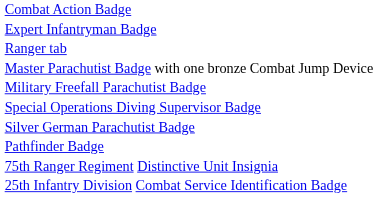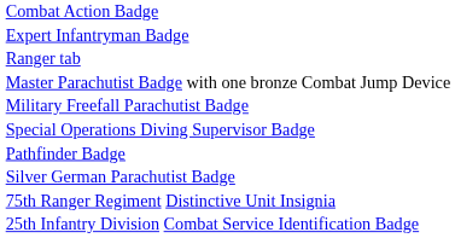 <table>
 <tr>
 <td> <a href='#'>Combat Action Badge</a></td>
 </tr>
 <tr>
 <td> <a href='#'>Expert Infantryman Badge</a></td>
 </tr>
 <tr>
 <td> <a href='#'>Ranger tab</a></td>
 </tr>
 <tr>
 <td> <a href='#'>Master Parachutist Badge</a> with one bronze Combat Jump Device</td>
 </tr>
 <tr>
 <td> <a href='#'>Military Freefall Parachutist Badge</a></td>
 </tr>
 <tr>
 <td> <a href='#'>Special Operations Diving Supervisor Badge</a></td>
 </tr>
 <tr>
-<td> <a href='#'>Silver German Parachutist Badge</a></td>
+<td> <a href='#'>Pathfinder Badge</a></td>
 </tr>
 <tr>
-<td> <a href='#'>Pathfinder Badge</a></td>
+<td> <a href='#'>Silver German Parachutist Badge</a></td>
 </tr>
 <tr>
 <td> <a href='#'>75th Ranger Regiment</a> <a href='#'>Distinctive Unit Insignia</a></td>
 </tr>
 <tr>
 <td> <a href='#'>25th Infantry Division</a> <a href='#'>Combat Service Identification Badge</a></td>
 </tr>
 </table>
